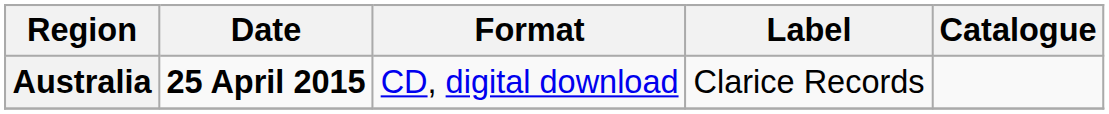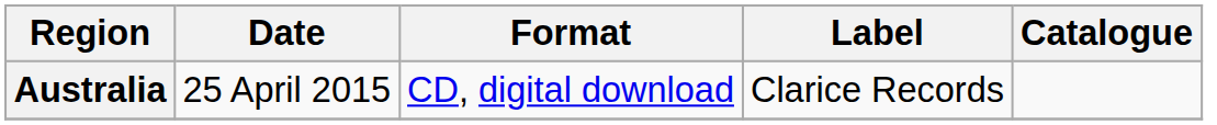 <table class="wikitable plainrowheaders">
 <tr>
 <th scope="col">Region</th>
 <th scope="col">Date</th>
 <th scope="col">Format</th>
 <th scope="col">Label</th>
 <th scope="col">Catalogue</th>
 </tr>
 <tr>
 <th scope="row">Australia</th>
-<td><strong>25 April 2015</strong></td>
+<td>25 April 2015</td>
 <td><a href='#'>CD</a>, <a href='#'>digital download</a></td>
 <td>Clarice Records</td>
 <td></td>
 </tr>
 <tr>
 </tr>
 </table>
